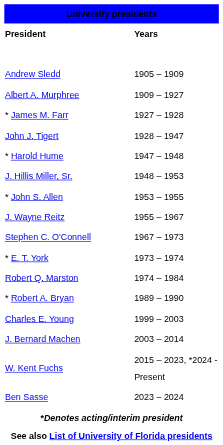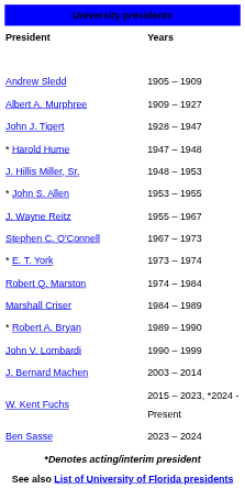 <table class="toccolours" style="float: right; margin-left: 1em; font-size: 90%; line-height: 2.0em; width:350px; id:President_of_the_University_of_Florida">
 <tr>
 <th colspan="2" style="text-align: center; background:blue"><span><strong>University presidents</strong></span></th>
 </tr>
 <tr>
 <td width="60%"><strong>President</strong></td>
 <td width="40%"><strong>Years</strong></td>
 </tr>
 <tr>
 <td colspan="2"><br></td>
 </tr>
 <tr>
 <td><a href='#'>Andrew Sledd</a></td>
 <td>1905 – 1909</td>
 </tr>
 <tr>
 <td><a href='#'>Albert A. Murphree</a></td>
 <td>1909 – 1927</td>
-</tr>
-<tr>
-<td>* <a href='#'>James M. Farr</a></td>
-<td>1927 – 1928</td>
 </tr>
 <tr>
 <td><a href='#'>John J. Tigert</a></td>
 <td>1928 – 1947</td>
 </tr>
 <tr>
 <td>* <a href='#'>Harold Hume</a></td>
 <td>1947 – 1948</td>
 </tr>
 <tr>
 <td><a href='#'>J. Hillis Miller, Sr.</a></td>
 <td>1948 – 1953</td>
 </tr>
 <tr>
 <td>* <a href='#'>John S. Allen</a></td>
 <td>1953 – 1955</td>
 </tr>
 <tr>
 <td><a href='#'>J. Wayne Reitz</a></td>
 <td>1955 – 1967</td>
 </tr>
 <tr>
 <td><a href='#'>Stephen C. O'Connell</a></td>
 <td>1967 – 1973</td>
 </tr>
 <tr>
 <td>* <a href='#'>E. T. York</a></td>
 <td>1973 – 1974</td>
 </tr>
 <tr>
 <td><a href='#'>Robert Q. Marston</a></td>
 <td>1974 – 1984</td>
 </tr>
 <tr>
+<td><a href='#'>Marshall Criser</a></td>
+<td>1984 – 1989</td>
+</tr>
+<tr>
 <td>* <a href='#'>Robert A. Bryan</a></td>
 <td>1989 – 1990</td>
 </tr>
 <tr>
-<td><a href='#'>Charles E. Young</a></td>
-<td>1999 – 2003</td>
+<td><a href='#'>John V. Lombardi</a></td>
+<td>1990 – 1999</td>
 </tr>
 <tr>
 <td><a href='#'>J. Bernard Machen</a></td>
 <td>2003 – 2014</td>
 </tr>
 <tr>
 <td><a href='#'>W. Kent Fuchs</a></td>
 <td>2015 – 2023, *2024 - Present</td>
 </tr>
 <tr>
 <td><a href='#'>Ben Sasse</a></td>
 <td>2023 – 2024</td>
 </tr>
 <tr>
 <th colspan="2">*<em>Denotes acting/interim president</em> <br> See also <a href='#'>List of University of Florida presidents</a></th>
 </tr>
 </table>
